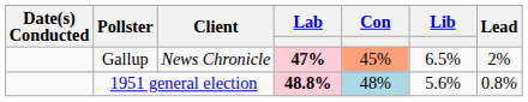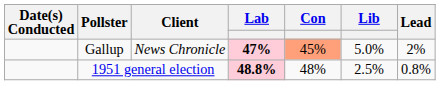 <table class="wikitable sortable mw-datatable" style="text-align:center;font-size:90%;line-height:14px;">
 <tr>
 <th rowspan="2">Date(s)<br>Conducted</th>
 <th rowspan="2">Pollster</th>
 <th rowspan="2">Client</th>
 <th class="unsortable" style="width:50px;"><a href='#'>Lab</a></th>
 <th class="unsortable" style="width:50px;"><a href='#'>Con</a></th>
 <th class="unsortable" style="width:50px;"><a href='#'>Lib</a></th>
 <th rowspan="2">Lead</th>
 </tr>
 <tr>
 <th style="background:"></th>
 <th style="background:"></th>
 <th style="background:"></th>
 </tr>
 <tr>
 <td></td>
 <td>Gallup</td>
 <td><em>News Chronicle</em></td>
 <td style="background:#FFCCDA;"><strong>47%</strong></td>
 <td style="background: lightsalmon;">45%</td>
-<td>6.5%</td>
+<td>5.0%</td>
 <td style="background:">2%</td>
 </tr>
 <tr>
 <td></td>
 <td colspan="2"><a href='#'>1951 general election</a></td>
 <td style="background:#FFCCDA;"><strong>48.8%</strong></td>
-<td style="background: lightblue;">48%</td>
-<td>5.6%</td>
+<td>48%</td>
+<td>2.5%</td>
 <td style="background:">0.8%</td>
 </tr>
 </table>
